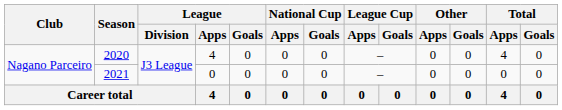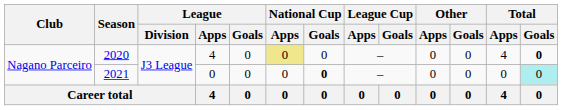 <table class="wikitable" style="text-align: center">
 <tr>
 <th rowspan="2">Club</th>
 <th rowspan="2">Season</th>
 <th colspan="3">League</th>
 <th colspan="2">National Cup</th>
 <th colspan="2">League Cup</th>
 <th colspan="2">Other</th>
 <th colspan="2">Total</th>
 </tr>
 <tr>
 <th>Division</th>
 <th>Apps</th>
 <th>Goals</th>
 <th>Apps</th>
 <th>Goals</th>
 <th>Apps</th>
 <th>Goals</th>
 <th>Apps</th>
 <th>Goals</th>
 <th>Apps</th>
 <th>Goals</th>
 </tr>
 <tr>
 <td rowspan="2"><a href='#'>Nagano Parceiro</a></td>
 <td><a href='#'>2020</a></td>
 <td rowspan="2"><a href='#'>J3 League</a></td>
 <td>4</td>
 <td>0</td>
-<td>0</td>
+<td style="background: khaki;">0</td>
 <td>0</td>
 <td colspan="2">–</td>
 <td>0</td>
 <td>0</td>
 <td>4</td>
-<td>0</td>
+<td><strong>0</strong></td>
 </tr>
 <tr>
 <td><a href='#'>2021</a></td>
 <td>0</td>
 <td>0</td>
 <td>0</td>
-<td>0</td>
+<td><strong>0</strong></td>
 <td colspan="2">–</td>
 <td>0</td>
 <td>0</td>
 <td>0</td>
-<td>0</td>
+<td style="background: paleturquoise;">0</td>
 </tr>
 <tr>
 <th colspan=3>Career total</th>
 <th>4</th>
 <th>0</th>
 <th>0</th>
 <th>0</th>
 <th>0</th>
 <th>0</th>
 <th>0</th>
 <th>0</th>
 <th>4</th>
 <th>0</th>
 </tr>
 </table>
